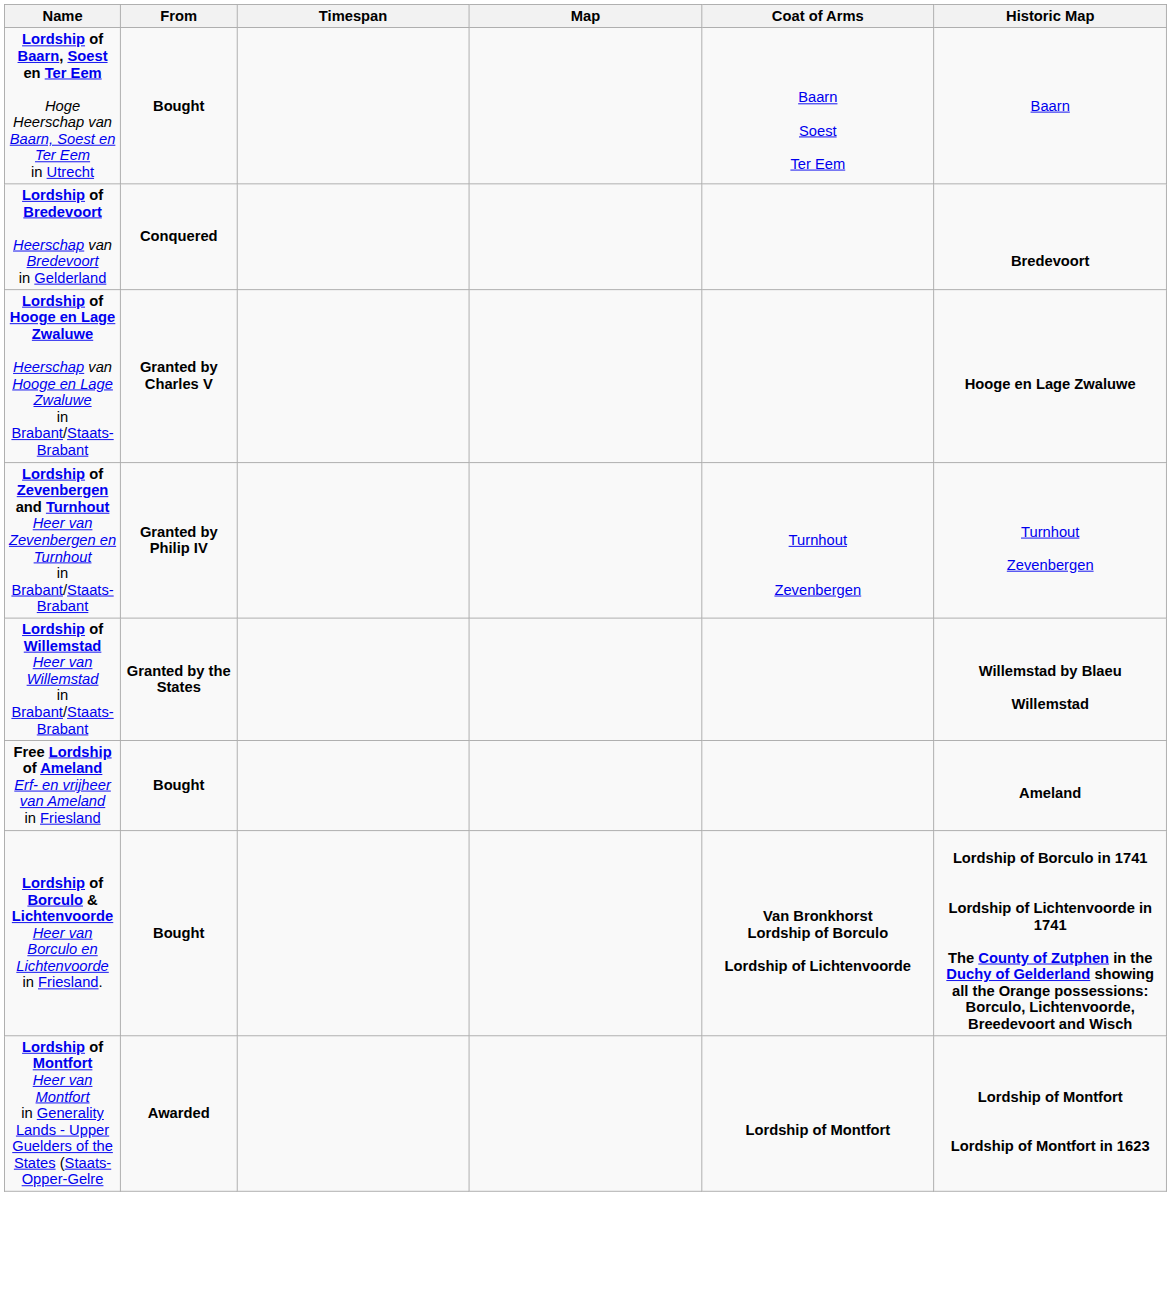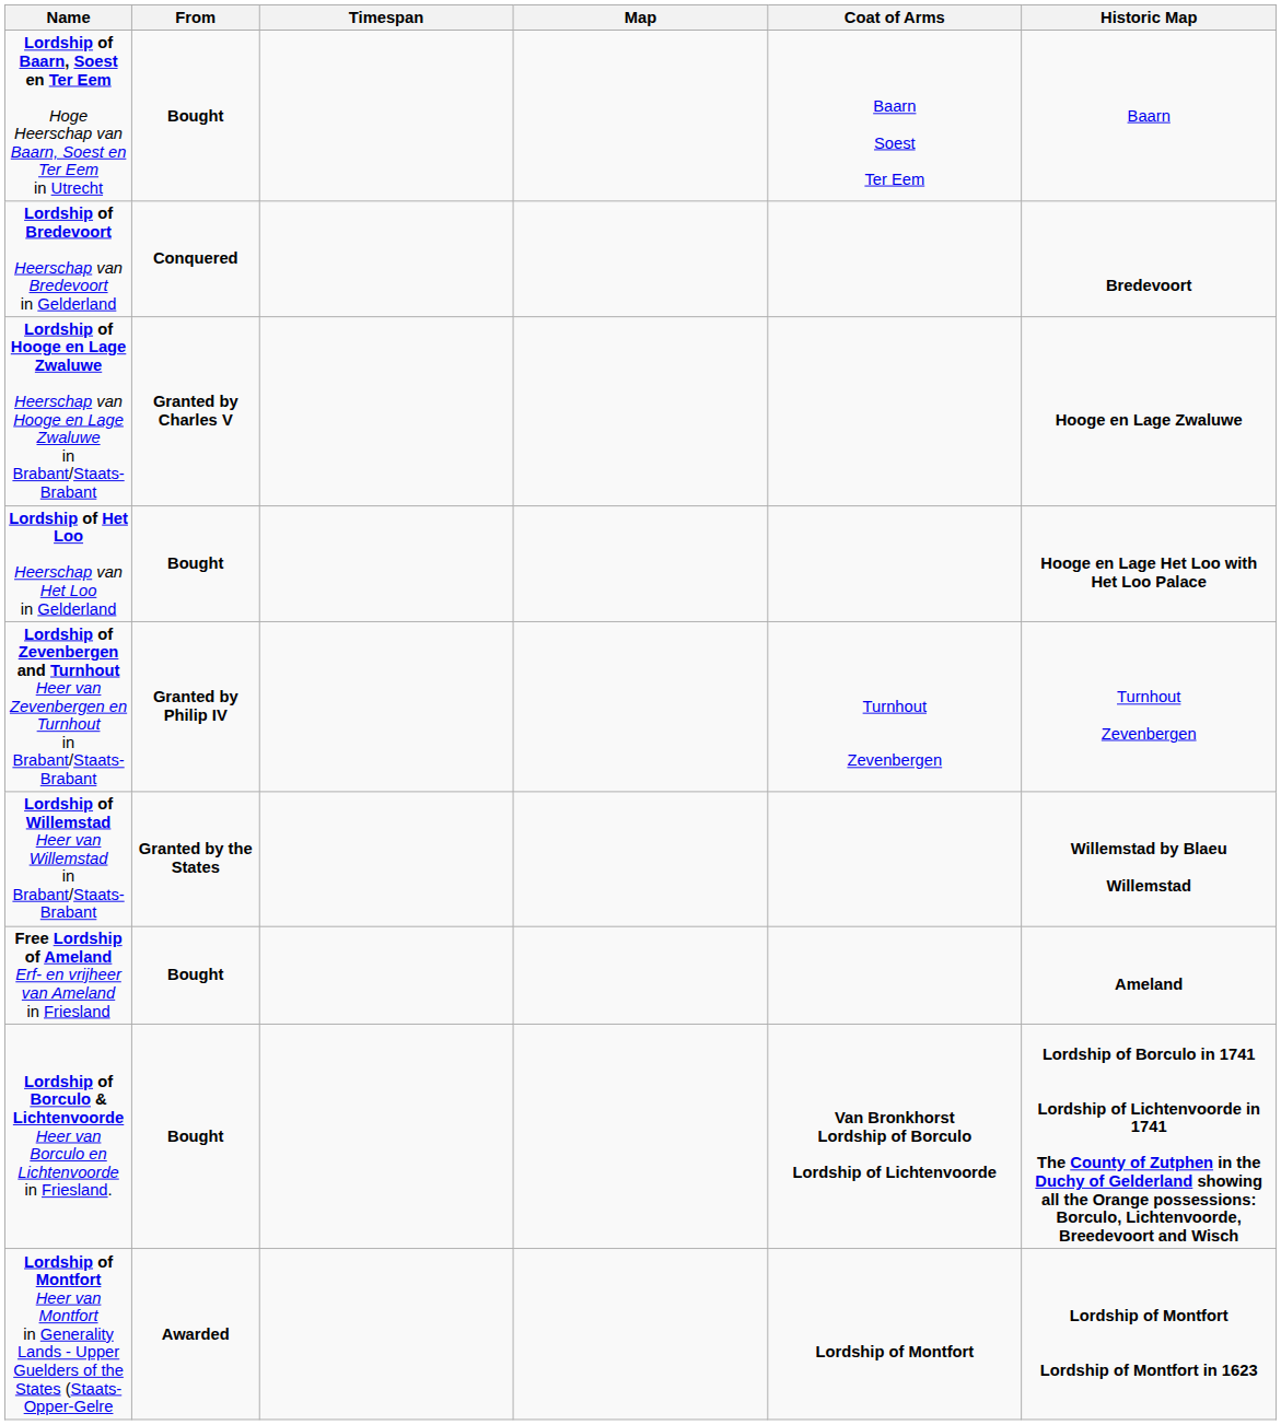 <table class="wikitable" style="text-align:center; width:100%">
 <tr>
 <th width=10%>Name</th>
 <th width=10%>From</th>
 <th width=20%>Timespan</th>
 <th width=20%>Map</th>
 <th width=20%>Coat of Arms</th>
 <th width=20%>Historic Map</th>
 </tr>
 <tr>
 <td><strong><a href='#'>Lordship</a> of <a href='#'>Baarn</a>, <a href='#'>Soest</a> en <a href='#'>Ter Eem</a></strong><br><br><em>Hoge Heerschap van <a href='#'>Baarn, Soest en Ter Eem</a></em><br> in <a href='#'>Utrecht</a></td>
 <td><strong>Bought</strong></td>
 <td></td>
 <td></td>
 <td><br><br><br><a href='#'>Baarn</a><br><br><a href='#'>Soest</a><br><br><a href='#'>Ter Eem</a></td>
 <td><br><a href='#'>Baarn</a> <br><br></td>
 </tr>
 <tr>
 <td><strong><a href='#'>Lordship</a> of <a href='#'>Bredevoort</a></strong><br><br><em><a href='#'>Heerschap</a> van <a href='#'>Bredevoort</a></em><br> in <a href='#'>Gelderland</a></td>
 <td><strong>Conquered</strong></td>
 <td></td>
 <td></td>
 <td><br><br></td>
 <td><br><br><br><strong>Bredevoort</strong></td>
 </tr>
 <tr>
 <td><strong><a href='#'>Lordship</a> of <a href='#'>Hooge en Lage Zwaluwe</a></strong><br><br><em><a href='#'>Heerschap</a> van <a href='#'>Hooge en Lage Zwaluwe</a></em><br> in <a href='#'>Brabant</a>/<a href='#'>Staats-Brabant</a></td>
 <td><strong>Granted by Charles V</strong></td>
 <td></td>
 <td></td>
 <td><br><br></td>
 <td><br><strong>Hooge en Lage Zwaluwe</strong></td>
+</tr>
+<tr>
+<td><strong><a href='#'>Lordship</a> of <a href='#'>Het Loo</a></strong><br><br><em><a href='#'>Heerschap</a> van <a href='#'>Het Loo</a></em><br>in <a href='#'>Gelderland</a></td>
+<td><strong>Bought</strong></td>
+<td></td>
+<td></td>
+<td><br><br></td>
+<td><br><strong>Hooge en Lage Het Loo with Het Loo Palace</strong></td>
 </tr>
 <tr>
 <td><strong><a href='#'>Lordship</a> of <a href='#'>Zevenbergen</a> and <a href='#'>Turnhout</a></strong><br><em><a href='#'>Heer van Zevenbergen en Turnhout</a></em><br> in <a href='#'>Brabant</a>/<a href='#'>Staats-Brabant</a></td>
 <td><strong>Granted by Philip IV</strong></td>
 <td></td>
 <td></td>
 <td><br><br><br><a href='#'>Turnhout</a><br><br><br><a href='#'>Zevenbergen</a></td>
 <td><br><a href='#'>Turnhout</a><br><br><a href='#'>Zevenbergen</a></td>
 </tr>
 <tr>
 <td><strong><a href='#'>Lordship</a> of <a href='#'>Willemstad</a></strong><br><em><a href='#'>Heer van Willemstad</a></em><br> in <a href='#'>Brabant</a>/<a href='#'>Staats-Brabant</a></td>
 <td><strong>Granted by the States</strong></td>
 <td></td>
 <td></td>
 <td><br></td>
 <td><br><strong>Willemstad by Blaeu</strong><br><br><strong>Willemstad</strong></td>
 </tr>
 <tr>
 <td><strong>Free <a href='#'>Lordship</a> of <a href='#'>Ameland</a></strong><br><em><a href='#'>Erf- en vrijheer van Ameland</a></em><br> in <a href='#'>Friesland</a></td>
 <td><strong>Bought</strong></td>
 <td></td>
 <td></td>
 <td><br></td>
 <td><br><strong>Ameland</strong></td>
 </tr>
 <tr>
 <td><strong><a href='#'>Lordship</a> of <a href='#'>Borculo</a> & <a href='#'>Lichtenvoorde</a></strong><br><em><a href='#'>Heer van Borculo en Lichtenvoorde</a></em><br> in <a href='#'>Friesland</a>.</td>
 <td><strong>Bought</strong></td>
 <td></td>
 <td></td>
 <td><br><strong>Van Bronkhorst</strong> <br><strong>Lordship of Borculo</strong><br><br><strong>Lordship of Lichtenvoorde</strong></td>
 <td><br><strong>Lordship of Borculo in 1741</strong><br><br><br><strong>Lordship of Lichtenvoorde in 1741</strong><br> <br><strong>The <a href='#'>County of Zutphen</a> in the <a href='#'>Duchy of Gelderland</a> showing all the Orange possessions: Borculo, Lichtenvoorde, Breedevoort and Wisch</strong></td>
 </tr>
 <tr>
 <td><strong><a href='#'>Lordship</a> of <a href='#'>Montfort</a></strong><br><em><a href='#'>Heer van Montfort</a></em><br> in <a href='#'>Generality Lands - Upper Guelders of the States</a> (<a href='#'>Staats-Opper-Gelre</a></td>
 <td><strong>Awarded</strong></td>
 <td></td>
 <td></td>
 <td><br><br><strong>Lordship of Montfort</strong></td>
 <td><br><strong>Lordship of Montfort</strong><br><br><br><strong>Lordship of Montfort in 1623</strong></td>
 </tr>
 </table>
